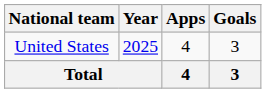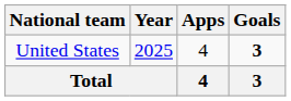 <table class="wikitable" style="text-align:center">
 <tr>
 <th>National team</th>
 <th>Year</th>
 <th>Apps</th>
 <th>Goals</th>
 </tr>
 <tr>
 <td><a href='#'>United States</a></td>
 <td><a href='#'>2025</a></td>
 <td>4</td>
-<td>3</td>
+<td><strong>3</strong></td>
 </tr>
 <tr>
 <th colspan="2">Total</th>
 <th>4</th>
 <th>3</th>
 </tr>
 </table>
